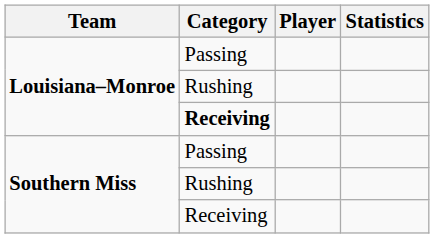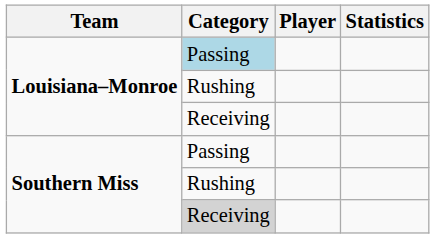 <table class="wikitable" style="float: right;">
 <tr>
 <th>Team</th>
 <th>Category</th>
 <th>Player</th>
 <th>Statistics</th>
 </tr>
 <tr>
 <td rowspan=3><strong>Louisiana–Monroe</strong></td>
-<td>Passing</td>
+<td style="background: lightblue;">Passing</td>
 <td></td>
 <td></td>
 </tr>
 <tr>
 <td>Rushing</td>
 <td></td>
 <td></td>
 </tr>
 <tr>
-<td><strong>Receiving</strong></td>
+<td>Receiving</td>
 <td></td>
 <td></td>
 </tr>
 <tr>
 <td rowspan=3><strong>Southern Miss</strong></td>
 <td>Passing</td>
 <td></td>
 <td></td>
 </tr>
 <tr>
 <td>Rushing</td>
 <td></td>
 <td></td>
 </tr>
 <tr>
-<td>Receiving</td>
+<td style="background: lightgrey;">Receiving</td>
 <td></td>
 <td></td>
 </tr>
 </table>
